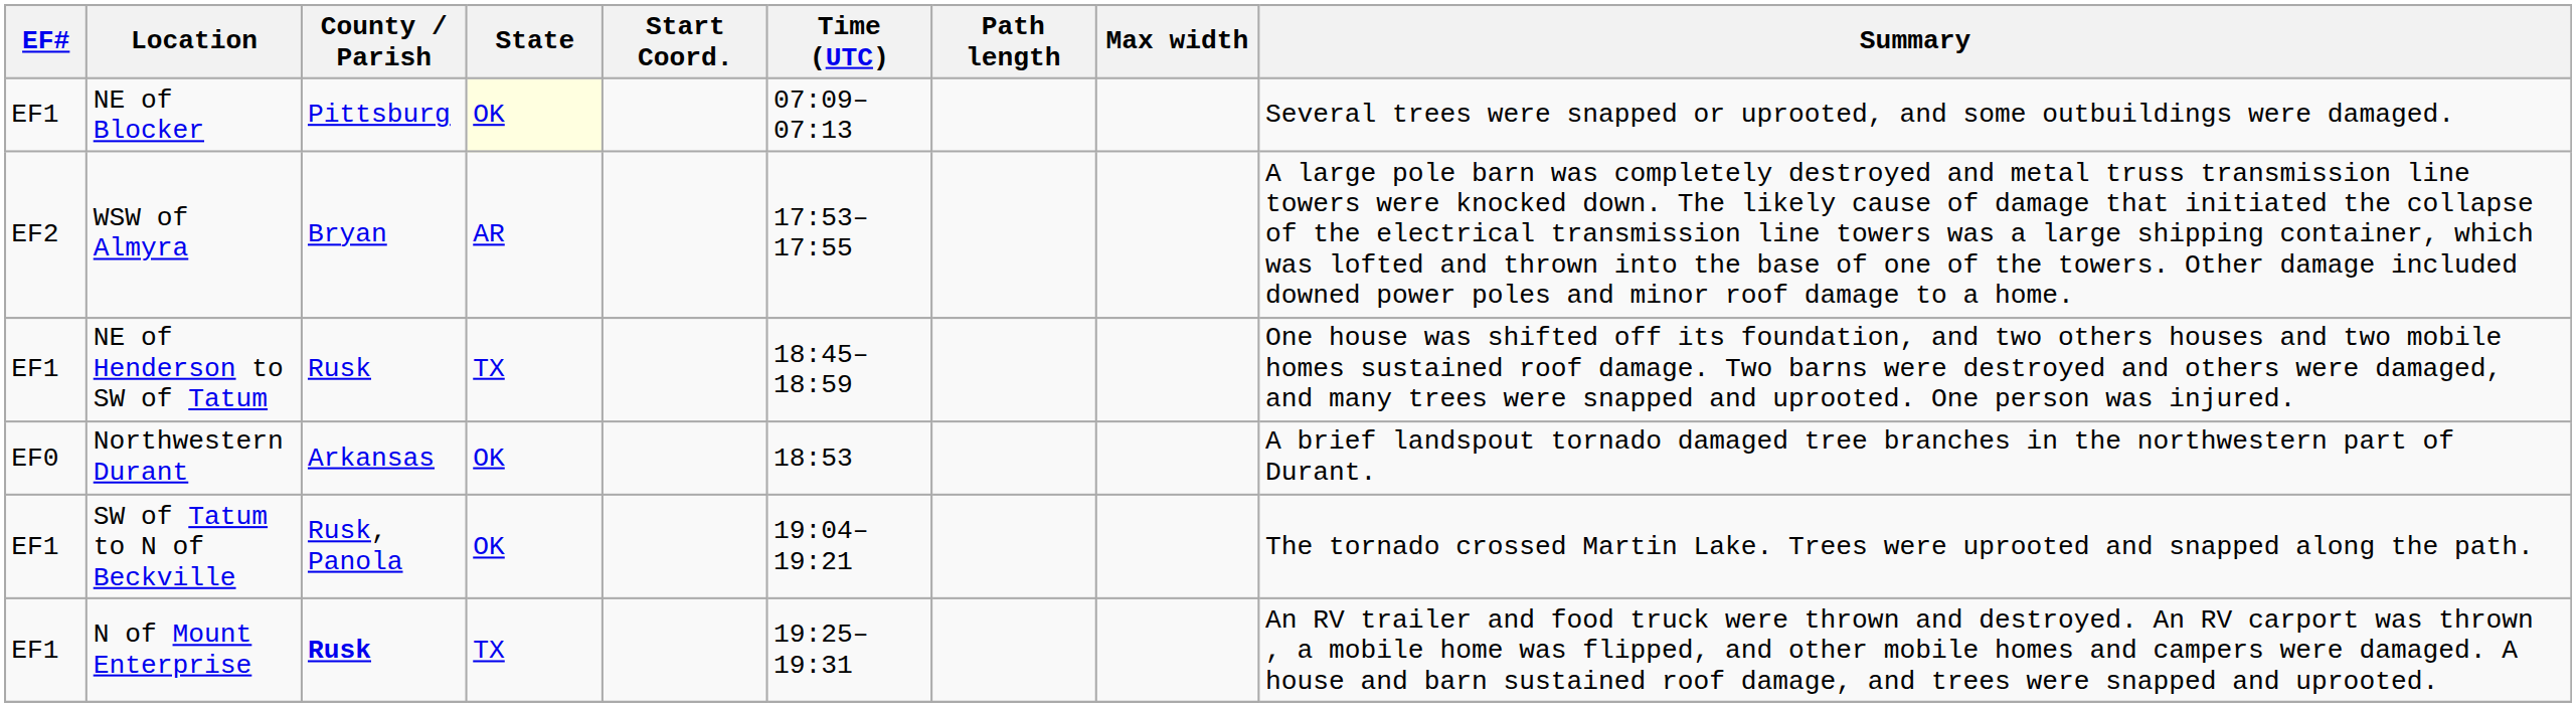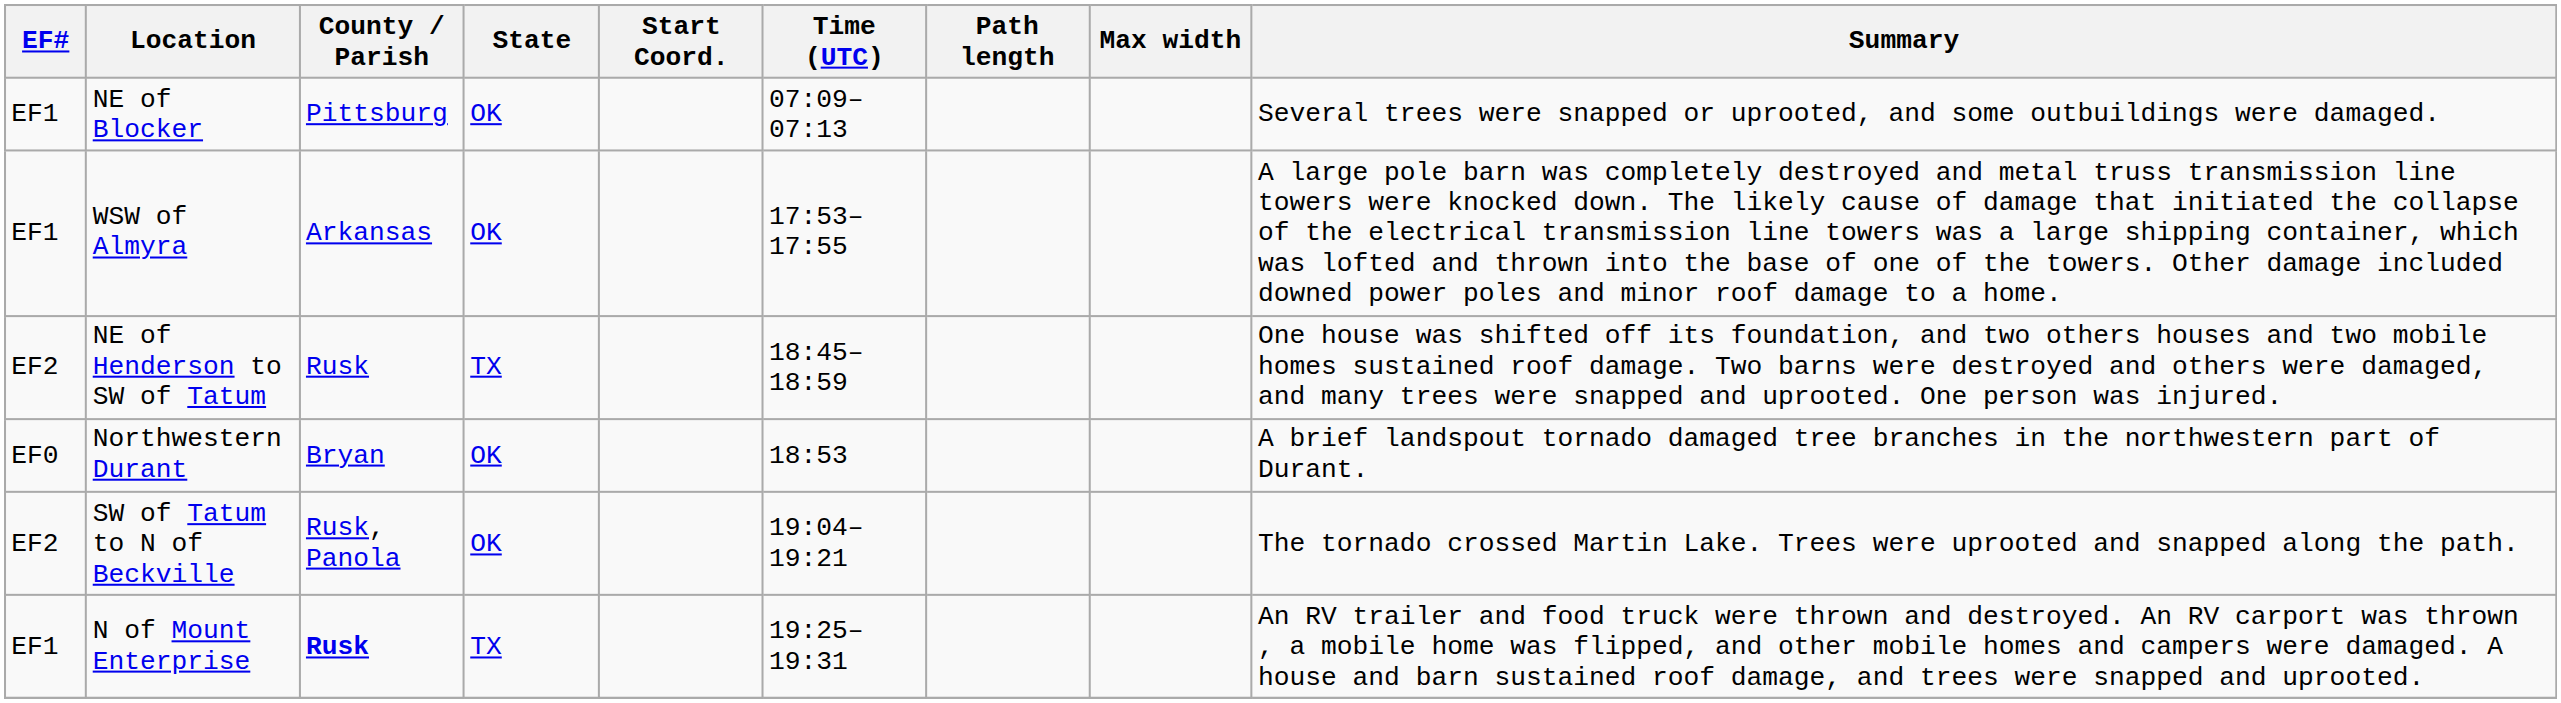 <table class="wikitable sortable" style="width:100%;">
 <tr>
 <th scope="col"  style="width:3%; text-align:center;"><a href='#'>EF#</a></th>
 <th scope="col"  style="width:7%; text-align:center;" class="unsortable">Location</th>
 <th scope="col"  style="width:6%; text-align:center;" class="unsortable">County / Parish</th>
 <th scope="col"  style="width:5%; text-align:center;">State</th>
 <th scope="col"  style="width:6%; text-align:center;">Start Coord.</th>
 <th scope="col"  style="width:6%; text-align:center;">Time (<a href='#'>UTC</a>)</th>
 <th scope="col"  style="width:6%; text-align:center;">Path length</th>
 <th scope="col"  style="width:6%; text-align:center;">Max width</th>
 <th scope="col" class="unsortable" style="width:48%; text-align:center;">Summary</th>
 </tr>
 <tr>
 <td>EF1</td>
 <td>NE of <a href='#'>Blocker</a></td>
 <td><a href='#'>Pittsburg</a></td>
-<td style="background: lightyellow;"><a href='#'>OK</a></td>
+<td><a href='#'>OK</a></td>
 <td></td>
 <td>07:09–07:13</td>
 <td></td>
 <td></td>
 <td>Several trees were snapped or uprooted, and some outbuildings were damaged.</td>
 </tr>
 <tr>
-<td>EF2</td>
+<td>EF1</td>
 <td>WSW of <a href='#'>Almyra</a></td>
-<td><a href='#'>Bryan</a></td>
-<td><a href='#'>AR</a></td>
+<td><a href='#'>Arkansas</a></td>
+<td><a href='#'>OK</a></td>
 <td></td>
 <td>17:53–17:55</td>
 <td></td>
 <td></td>
 <td>A large pole barn was completely destroyed and metal truss transmission line towers were knocked down. The likely cause of damage that initiated the collapse of the electrical transmission line towers was a large shipping container, which was lofted and thrown into the base of one of the towers. Other damage included downed power poles and minor roof damage to a home.</td>
 </tr>
 <tr>
-<td>EF1</td>
+<td>EF2</td>
 <td>NE of <a href='#'>Henderson</a> to SW of <a href='#'>Tatum</a></td>
 <td><a href='#'>Rusk</a></td>
 <td><a href='#'>TX</a></td>
 <td></td>
 <td>18:45–18:59</td>
 <td></td>
 <td></td>
 <td>One house was shifted off its foundation, and two others houses and two mobile homes sustained roof damage. Two barns were destroyed and others were damaged, and many trees were snapped and uprooted. One person was injured.</td>
 </tr>
 <tr>
 <td>EF0</td>
 <td>Northwestern <a href='#'>Durant</a></td>
-<td><a href='#'>Arkansas</a></td>
+<td><a href='#'>Bryan</a></td>
 <td><a href='#'>OK</a></td>
 <td></td>
 <td>18:53</td>
 <td></td>
 <td></td>
 <td>A brief landspout tornado damaged tree branches in the northwestern part of Durant.</td>
 </tr>
 <tr>
-<td>EF1</td>
+<td>EF2</td>
 <td>SW of <a href='#'>Tatum</a> to N of <a href='#'>Beckville</a></td>
 <td><a href='#'>Rusk</a>, <a href='#'>Panola</a></td>
 <td><a href='#'>OK</a></td>
 <td></td>
 <td>19:04–19:21</td>
 <td></td>
 <td></td>
 <td>The tornado crossed Martin Lake. Trees were uprooted and snapped along the path.</td>
 </tr>
 <tr>
 <td>EF1</td>
 <td>N of <a href='#'>Mount Enterprise</a></td>
 <td><strong><a href='#'>Rusk</a></strong></td>
 <td><a href='#'>TX</a></td>
 <td></td>
 <td>19:25–19:31</td>
 <td></td>
 <td></td>
 <td>An RV trailer and food truck were thrown and destroyed. An RV carport was thrown , a mobile home was flipped, and other mobile homes and campers were damaged. A house and barn sustained roof damage, and trees were snapped and uprooted.</td>
 </tr>
 <tr>
 </tr>
 </table>
